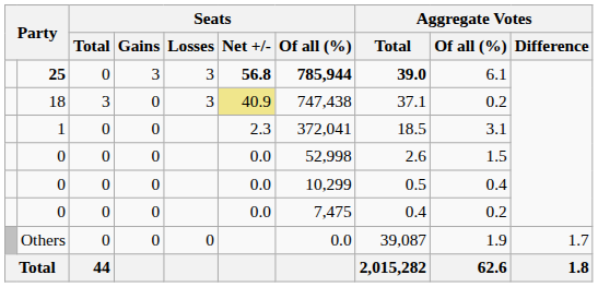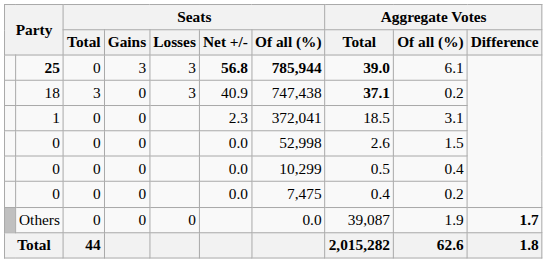 <table class="wikitable sortable" style="text-align:right; font-size:95%;">
 <tr>
 <th colspan="2" rowspan="2">Party</th>
 <th colspan="5">Seats</th>
 <th colspan="3">Aggregate Votes</th>
 </tr>
 <tr>
 <th>Total</th>
 <th>Gains</th>
 <th>Losses</th>
 <th>Net +/-</th>
 <th>Of all (%)</th>
 <th>Total</th>
 <th>Of all (%)</th>
 <th>Difference</th>
 </tr>
 <tr>
 <td></td>
 <td><strong>25</strong></td>
 <td>0</td>
 <td>3</td>
 <td>3</td>
 <td><strong>56.8</strong></td>
 <td><strong>785,944</strong></td>
 <td><strong>39.0</strong></td>
 <td>6.1</td>
 </tr>
 <tr>
 <td></td>
 <td>18</td>
 <td>3</td>
 <td>0</td>
 <td>3</td>
-<td style="background: khaki;">40.9</td>
+<td>40.9</td>
 <td>747,438</td>
-<td>37.1</td>
+<td><strong>37.1</strong></td>
 <td>0.2</td>
 </tr>
 <tr>
 <td></td>
 <td>1</td>
 <td>0</td>
 <td>0</td>
 <td></td>
 <td>2.3</td>
 <td>372,041</td>
 <td>18.5</td>
 <td>3.1</td>
 </tr>
 <tr>
 <td></td>
 <td>0</td>
 <td>0</td>
 <td>0</td>
 <td></td>
 <td>0.0</td>
 <td>52,998</td>
 <td>2.6</td>
 <td>1.5</td>
 </tr>
 <tr>
 <td></td>
 <td>0</td>
 <td>0</td>
 <td>0</td>
 <td></td>
 <td>0.0</td>
 <td>10,299</td>
 <td>0.5</td>
 <td>0.4</td>
 </tr>
 <tr>
 <td></td>
 <td>0</td>
 <td>0</td>
 <td>0</td>
 <td></td>
 <td>0.0</td>
 <td>7,475</td>
 <td>0.4</td>
 <td>0.2</td>
 </tr>
 <tr>
 <td style="background:silver;"> </td>
 <td align=left>Others</td>
 <td>0</td>
 <td>0</td>
 <td>0</td>
 <td></td>
 <td>0.0</td>
 <td>39,087</td>
 <td>1.9</td>
-<td>1.7</td>
+<td><strong>1.7</strong></td>
 </tr>
 <tr class="sortbottom">
 <th colspan="2" style="background:#f2f2f2"><strong>Total</strong></th>
 <td style="background:#f2f2f2;"><strong>44</strong></td>
 <td style="background:#f2f2f2;"></td>
 <td style="background:#f2f2f2;"></td>
 <td style="background:#f2f2f2;"></td>
 <td style="background:#f2f2f2;"></td>
 <td style="background:#f2f2f2;"><strong>2,015,282</strong></td>
 <td style="background:#f2f2f2;"><strong>62.6</strong></td>
 <td style="background:#f2f2f2;"><strong>1.8</strong></td>
 </tr>
 </table>
